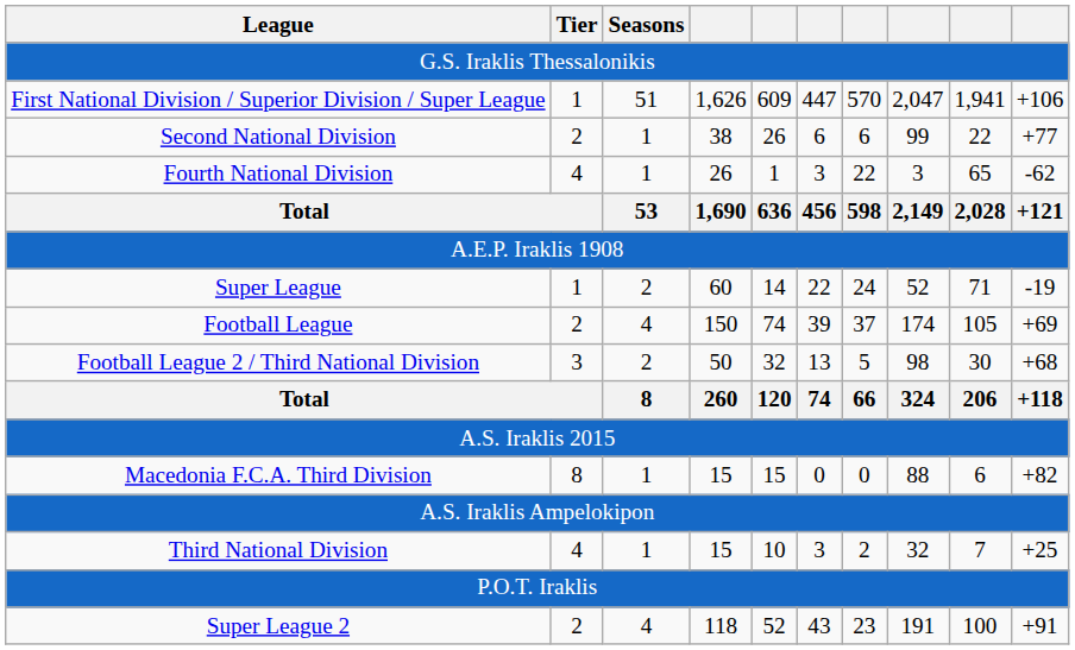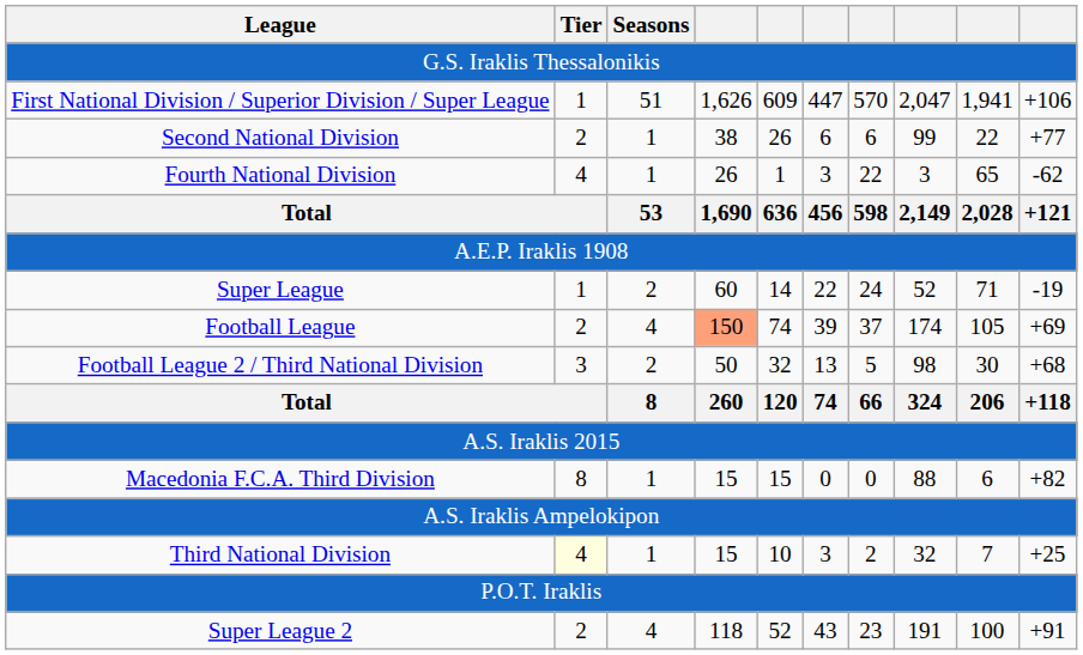 <table class="wikitable plainrowheaders sticky-header-multi sortable" style="text-align:center; margin:0px; margin-top:2px; font-size:85%; width=500px">
 <tr>
 <th>League</th>
 <th>Tier</th>
 <th>Seasons</th>
 <th></th>
 <th></th>
 <th></th>
 <th></th>
 <th></th>
 <th></th>
 <th></th>
 </tr>
 <tr>
 <td colspan="10" style="background:#1569C7; color:#ffffff">G.S. Iraklis Thessalonikis</td>
 </tr>
 <tr>
 <td><a href='#'>First National Division / Superior Division / Super League</a></td>
 <td>1</td>
 <td>51</td>
 <td>1,626</td>
 <td>609</td>
 <td>447</td>
 <td>570</td>
 <td>2,047</td>
 <td>1,941</td>
 <td>+106</td>
 </tr>
 <tr>
 <td><a href='#'>Second National Division</a></td>
 <td>2</td>
 <td>1</td>
 <td>38</td>
 <td>26</td>
 <td>6</td>
 <td>6</td>
 <td>99</td>
 <td>22</td>
 <td>+77</td>
 </tr>
 <tr>
 <td><a href='#'>Fourth National Division</a></td>
 <td>4</td>
 <td>1</td>
 <td>26</td>
 <td>1</td>
 <td>3</td>
 <td>22</td>
 <td>3</td>
 <td>65</td>
 <td>-62</td>
 </tr>
 <tr>
 <th colspan="2">Total</th>
 <th>53</th>
 <th>1,690</th>
 <th>636</th>
 <th>456</th>
 <th>598</th>
 <th>2,149</th>
 <th>2,028</th>
 <th>+121</th>
 </tr>
 <tr>
 <td colspan="10" style="background:#1569C7; color:#ffffff">A.E.P. Iraklis 1908</td>
 </tr>
 <tr>
 <td><a href='#'>Super League</a></td>
 <td>1</td>
 <td>2</td>
 <td>60</td>
 <td>14</td>
 <td>22</td>
 <td>24</td>
 <td>52</td>
 <td>71</td>
 <td>-19</td>
 </tr>
 <tr>
 <td><a href='#'>Football League</a></td>
 <td>2</td>
 <td>4</td>
-<td>150</td>
+<td style="background: lightsalmon;">150</td>
 <td>74</td>
 <td>39</td>
 <td>37</td>
 <td>174</td>
 <td>105</td>
 <td>+69</td>
 </tr>
 <tr>
 <td><a href='#'>Football League 2 / Third National Division</a></td>
 <td>3</td>
 <td>2</td>
 <td>50</td>
 <td>32</td>
 <td>13</td>
 <td>5</td>
 <td>98</td>
 <td>30</td>
 <td>+68</td>
 </tr>
 <tr>
 <th colspan="2">Total</th>
 <th>8</th>
 <th>260</th>
 <th>120</th>
 <th>74</th>
 <th>66</th>
 <th>324</th>
 <th>206</th>
 <th>+118</th>
 </tr>
 <tr>
 <td colspan="10" style="background:#1569C7; color:#ffffff">A.S. Iraklis 2015</td>
 </tr>
 <tr>
 <td><a href='#'>Macedonia F.C.A. Third Division</a></td>
 <td>8</td>
 <td>1</td>
 <td>15</td>
 <td>15</td>
 <td>0</td>
 <td>0</td>
 <td>88</td>
 <td>6</td>
 <td>+82</td>
 </tr>
 <tr>
 <td colspan="10" style="background:#1569C7; color:#ffffff">A.S. Iraklis Ampelokipon</td>
 </tr>
 <tr>
 <td><a href='#'>Third National Division</a></td>
-<td>4</td>
+<td style="background: lightyellow;">4</td>
 <td>1</td>
 <td>15</td>
 <td>10</td>
 <td>3</td>
 <td>2</td>
 <td>32</td>
 <td>7</td>
 <td>+25</td>
 </tr>
 <tr>
 <td colspan="10" style="background:#1569C7; color:#ffffff">P.O.T. Iraklis</td>
 </tr>
 <tr>
 <td><a href='#'>Super League 2</a></td>
 <td>2</td>
 <td>4</td>
 <td>118</td>
 <td>52</td>
 <td>43</td>
 <td>23</td>
 <td>191</td>
 <td>100</td>
 <td>+91</td>
 </tr>
 </table>
